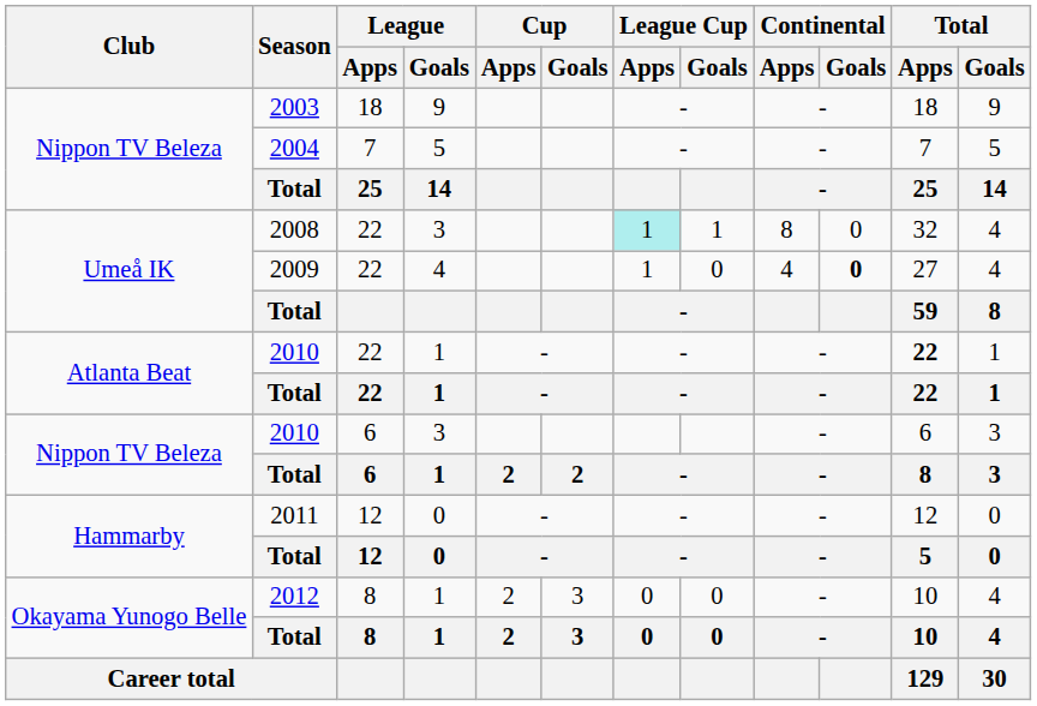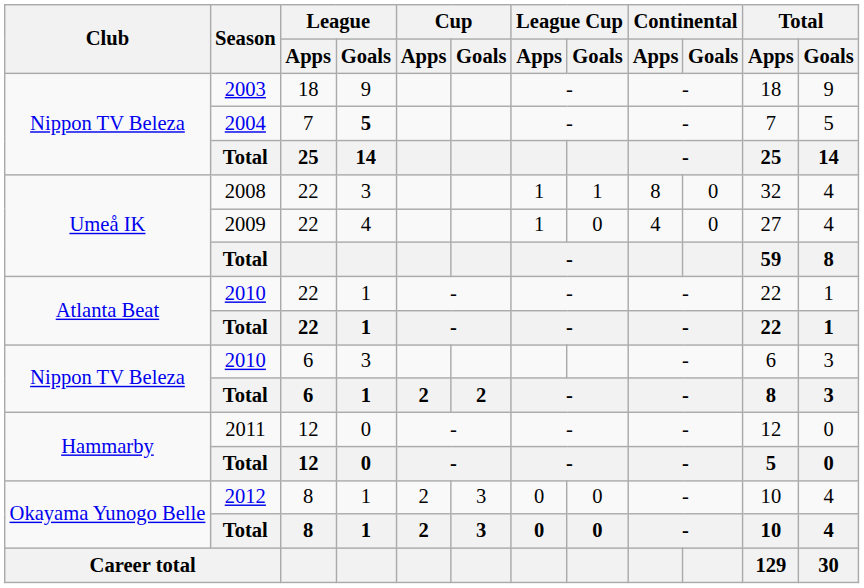 <table class="wikitable" style="font-size:90%; text-align:center;">
 <tr>
 <th rowspan="2">Club</th>
 <th rowspan="2">Season</th>
 <th colspan="2">League</th>
 <th colspan="2">Cup</th>
 <th colspan="2">League Cup</th>
 <th colspan="2">Continental</th>
 <th colspan="2">Total</th>
 </tr>
 <tr>
 <th>Apps</th>
 <th>Goals</th>
 <th>Apps</th>
 <th>Goals</th>
 <th>Apps</th>
 <th>Goals</th>
 <th>Apps</th>
 <th>Goals</th>
 <th>Apps</th>
 <th>Goals</th>
 </tr>
 <tr>
 <td rowspan="3"><a href='#'>Nippon TV Beleza</a></td>
 <td><a href='#'>2003</a></td>
 <td>18</td>
 <td>9</td>
 <td></td>
 <td></td>
 <td colspan="2">-</td>
 <td colspan="2">-</td>
 <td>18</td>
 <td>9</td>
 </tr>
 <tr>
 <td><a href='#'>2004</a></td>
 <td>7</td>
-<td>5</td>
+<td><strong>5</strong></td>
 <td></td>
 <td></td>
 <td colspan="2">-</td>
 <td colspan="2">-</td>
 <td>7</td>
 <td>5</td>
 </tr>
 <tr>
 <th colspan="1">Total</th>
 <th>25</th>
 <th>14</th>
 <th></th>
 <th></th>
 <th></th>
 <th></th>
 <th colspan="2">-</th>
 <th>25</th>
 <th>14</th>
 </tr>
 <tr>
 <td rowspan="3"><a href='#'>Umeå IK</a></td>
 <td>2008</td>
 <td>22</td>
 <td>3</td>
 <td></td>
 <td></td>
-<td style="background: paleturquoise;">1</td>
+<td>1</td>
 <td>1</td>
 <td>8</td>
 <td>0</td>
 <td>32</td>
 <td>4</td>
 </tr>
 <tr>
 <td>2009</td>
 <td>22</td>
 <td>4</td>
 <td></td>
 <td></td>
 <td>1</td>
 <td>0</td>
 <td>4</td>
-<td><strong>0</strong></td>
+<td>0</td>
 <td>27</td>
 <td>4</td>
 </tr>
 <tr>
 <th colspan="1">Total</th>
 <th></th>
 <th></th>
 <th></th>
 <th></th>
 <th colspan="2">-</th>
 <th></th>
 <th></th>
 <th>59</th>
 <th>8</th>
 </tr>
 <tr>
 <td rowspan="2"><a href='#'>Atlanta Beat</a></td>
 <td><a href='#'>2010</a></td>
 <td>22</td>
 <td>1</td>
 <td colspan="2">-</td>
 <td colspan="2">-</td>
 <td colspan="2">-</td>
-<td><strong>22</strong></td>
+<td>22</td>
 <td>1</td>
 </tr>
 <tr>
 <th colspan="1">Total</th>
 <th>22</th>
 <th>1</th>
 <th colspan="2">-</th>
 <th colspan="2">-</th>
 <th colspan="2">-</th>
 <th>22</th>
 <th>1</th>
 </tr>
 <tr>
 <td rowspan="2"><a href='#'>Nippon TV Beleza</a></td>
 <td><a href='#'>2010</a></td>
 <td>6</td>
 <td>3</td>
 <td></td>
 <td></td>
 <td></td>
 <td></td>
 <td colspan="2">-</td>
 <td>6</td>
 <td>3</td>
 </tr>
 <tr>
 <th colspan="1">Total</th>
 <th>6</th>
 <th>1</th>
 <th>2</th>
 <th>2</th>
 <th colspan="2">-</th>
 <th colspan="2">-</th>
 <th>8</th>
 <th>3</th>
 </tr>
 <tr>
 <td rowspan="2"><a href='#'>Hammarby</a></td>
 <td>2011</td>
 <td>12</td>
 <td>0</td>
 <td colspan="2">-</td>
 <td colspan="2">-</td>
 <td colspan="2">-</td>
 <td>12</td>
 <td>0</td>
 </tr>
 <tr>
 <th colspan="1">Total</th>
 <th>12</th>
 <th>0</th>
 <th colspan="2">-</th>
 <th colspan="2">-</th>
 <th colspan="2">-</th>
 <th>5</th>
 <th>0</th>
 </tr>
 <tr>
 <td rowspan="2"><a href='#'>Okayama Yunogo Belle</a></td>
 <td><a href='#'>2012</a></td>
 <td>8</td>
 <td>1</td>
 <td>2</td>
 <td>3</td>
 <td>0</td>
 <td>0</td>
 <td colspan="2">-</td>
 <td>10</td>
 <td>4</td>
 </tr>
 <tr>
 <th colspan="1">Total</th>
 <th>8</th>
 <th>1</th>
 <th>2</th>
 <th>3</th>
 <th>0</th>
 <th>0</th>
 <th colspan="2">-</th>
 <th>10</th>
 <th>4</th>
 </tr>
 <tr>
 <th colspan="2">Career total</th>
 <th></th>
 <th></th>
 <th></th>
 <th></th>
 <th></th>
 <th></th>
 <th></th>
 <th></th>
 <th>129</th>
 <th>30</th>
 </tr>
 </table>
